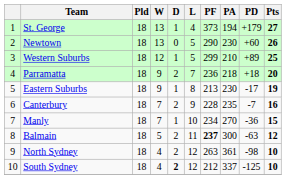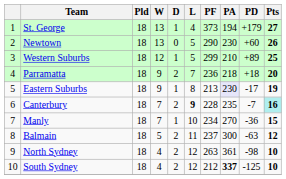 <table class="wikitable" style="text-align:center;">
 <tr>
 <th width=20 abbr="Position×"></th>
 <th width=175>Team</th>
 <th width=20 abbr="Played">Pld</th>
 <th width=20 abbr="Won">W</th>
 <th width=20 abbr="Drawn">D</th>
 <th width=20 abbr="Lost">L</th>
 <th width=20 abbr="Points for">PF</th>
 <th width=20 abbr="Points against">PA</th>
 <th width=20 abbr="Points difference">PD</th>
 <th width=20 abbr="Points">Pts</th>
 </tr>
 <tr style="background: #ccffcc;">
 <td>1</td>
 <td style="text-align:left;"> <a href='#'>St. George</a></td>
 <td>18</td>
 <td>13</td>
 <td>1</td>
 <td>4</td>
 <td>373</td>
 <td>194</td>
 <td>+179</td>
 <td><strong>27</strong></td>
 </tr>
 <tr style="background: #ccffcc;">
 <td>2</td>
 <td style="text-align:left;"> <a href='#'>Newtown</a></td>
 <td>18</td>
 <td>13</td>
 <td>0</td>
 <td>5</td>
 <td>290</td>
 <td>230</td>
 <td>+60</td>
 <td><strong>26</strong></td>
 </tr>
 <tr style="background: #ccffcc;">
 <td>3</td>
 <td style="text-align:left;"> <a href='#'>Western Suburbs</a></td>
 <td>18</td>
 <td>12</td>
 <td>1</td>
 <td>5</td>
 <td>299</td>
 <td>210</td>
 <td>+89</td>
 <td><strong>25</strong></td>
 </tr>
 <tr style="background: #ccffcc;">
 <td>4</td>
 <td style="text-align:left;"> <a href='#'>Parramatta</a></td>
 <td>18</td>
 <td>9</td>
 <td>2</td>
 <td>7</td>
 <td>236</td>
 <td>218</td>
 <td>+18</td>
 <td><strong>20</strong></td>
 </tr>
 <tr>
 <td>5</td>
 <td style="text-align:left;"> <a href='#'>Eastern Suburbs</a></td>
 <td>18</td>
 <td>9</td>
 <td>1</td>
 <td>8</td>
 <td>213</td>
-<td>230</td>
+<td style="background: lavender;">230</td>
 <td>-17</td>
 <td><strong>19</strong></td>
 </tr>
 <tr>
 <td>6</td>
 <td style="text-align:left;"> <a href='#'>Canterbury</a></td>
 <td>18</td>
 <td>7</td>
 <td>2</td>
-<td>9</td>
+<td><strong>9</strong></td>
 <td>228</td>
 <td>235</td>
 <td>-7</td>
-<td><strong>16</strong></td>
+<td style="background: paleturquoise;"><strong>16</strong></td>
 </tr>
 <tr>
 <td>7</td>
 <td style="text-align:left;"> <a href='#'>Manly</a></td>
 <td>18</td>
 <td>7</td>
 <td>1</td>
 <td>10</td>
 <td>234</td>
 <td>270</td>
 <td>-36</td>
 <td><strong>15</strong></td>
 </tr>
 <tr>
 <td>8</td>
 <td style="text-align:left;"> <a href='#'>Balmain</a></td>
 <td>18</td>
 <td>5</td>
 <td>2</td>
 <td>11</td>
-<td><strong>237</strong></td>
+<td>237</td>
 <td>300</td>
 <td>-63</td>
 <td><strong>12</strong></td>
 </tr>
 <tr>
 <td>9</td>
 <td style="text-align:left;"> <a href='#'>North Sydney</a></td>
 <td>18</td>
 <td>4</td>
 <td>2</td>
 <td>12</td>
 <td>263</td>
 <td>361</td>
 <td>-98</td>
 <td><strong>10</strong></td>
 </tr>
 <tr>
 <td>10</td>
 <td style="text-align:left;"> <a href='#'>South Sydney</a></td>
 <td>18</td>
 <td>4</td>
-<td><strong>2</strong></td>
+<td>2</td>
 <td>12</td>
 <td>212</td>
-<td>337</td>
+<td><strong>337</strong></td>
 <td>-125</td>
 <td><strong>10</strong></td>
 </tr>
 <tr>
 </tr>
 </table>
